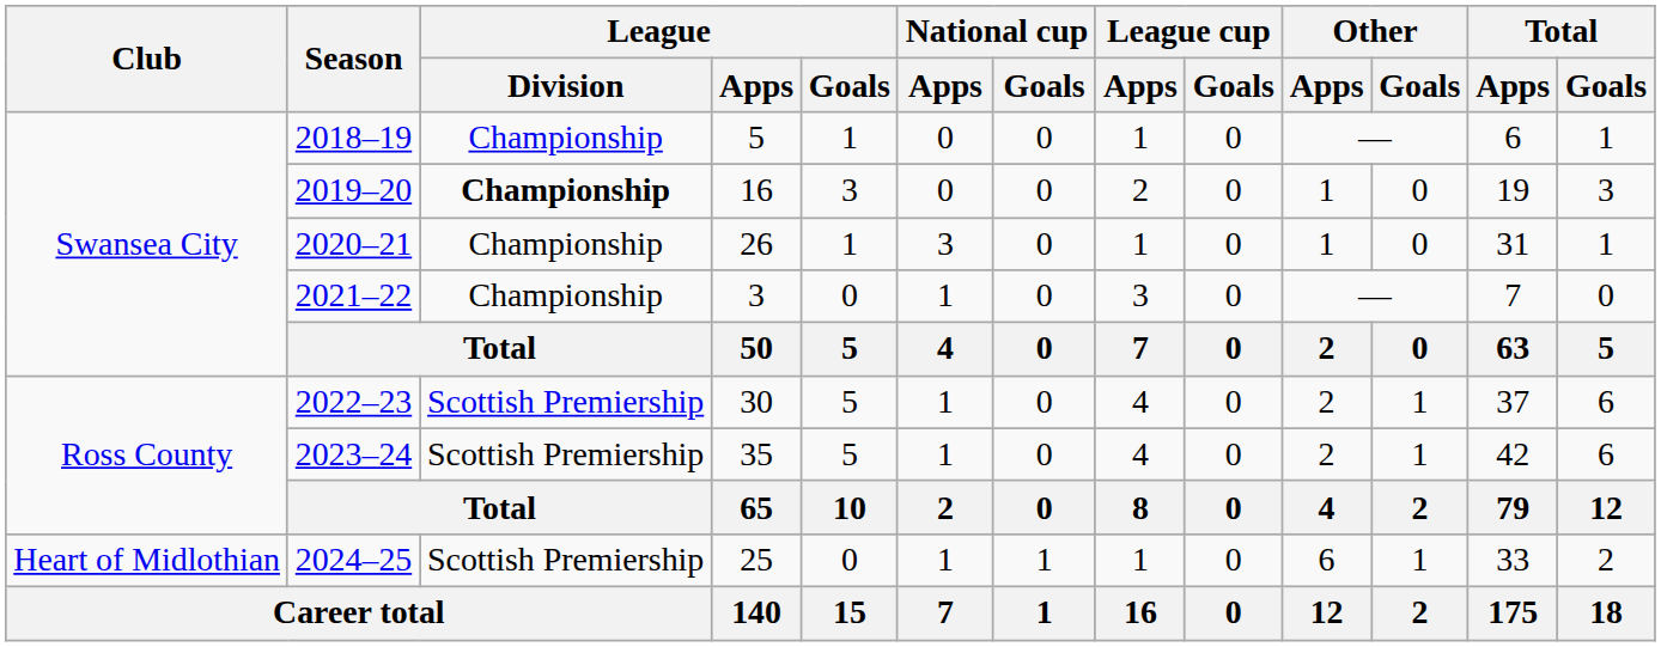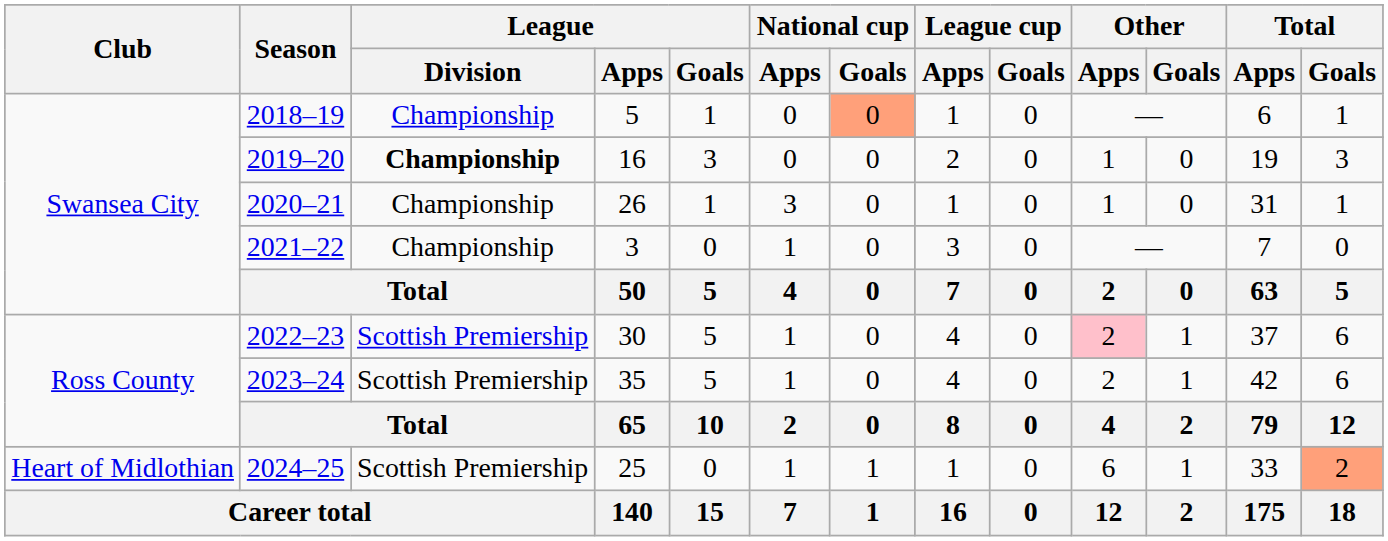 <table class=wikitable style="text-align: center">
 <tr>
 <th rowspan=2>Club</th>
 <th rowspan=2>Season</th>
 <th colspan=3>League</th>
 <th colspan=2>National cup</th>
 <th colspan=2>League cup</th>
 <th colspan=2>Other</th>
 <th colspan=2>Total</th>
 </tr>
 <tr>
 <th>Division</th>
 <th>Apps</th>
 <th>Goals</th>
 <th>Apps</th>
 <th>Goals</th>
 <th>Apps</th>
 <th>Goals</th>
 <th>Apps</th>
 <th>Goals</th>
 <th>Apps</th>
 <th>Goals</th>
 </tr>
 <tr>
 <td rowspan=5><a href='#'>Swansea City</a></td>
 <td><a href='#'>2018–19</a></td>
 <td><a href='#'>Championship</a></td>
 <td>5</td>
 <td>1</td>
 <td>0</td>
-<td>0</td>
+<td style="background: lightsalmon;">0</td>
 <td>1</td>
 <td>0</td>
 <td colspan=2>—</td>
 <td>6</td>
 <td>1</td>
 </tr>
 <tr>
 <td><a href='#'>2019–20</a></td>
 <td><strong>Championship</strong></td>
 <td>16</td>
 <td>3</td>
 <td>0</td>
 <td>0</td>
 <td>2</td>
 <td>0</td>
 <td>1</td>
 <td>0</td>
 <td>19</td>
 <td>3</td>
 </tr>
 <tr>
 <td><a href='#'>2020–21</a></td>
 <td>Championship</td>
 <td>26</td>
 <td>1</td>
 <td>3</td>
 <td>0</td>
 <td>1</td>
 <td>0</td>
 <td>1</td>
 <td>0</td>
 <td>31</td>
 <td>1</td>
 </tr>
 <tr>
 <td><a href='#'>2021–22</a></td>
 <td>Championship</td>
 <td>3</td>
 <td>0</td>
 <td>1</td>
 <td>0</td>
 <td>3</td>
 <td>0</td>
 <td colspan=2>—</td>
 <td>7</td>
 <td>0</td>
 </tr>
 <tr>
 <th colspan=2>Total</th>
 <th>50</th>
 <th>5</th>
 <th>4</th>
 <th>0</th>
 <th>7</th>
 <th>0</th>
 <th>2</th>
 <th>0</th>
 <th>63</th>
 <th>5</th>
 </tr>
 <tr>
 <td rowspan=3><a href='#'>Ross County</a></td>
 <td><a href='#'>2022–23</a></td>
 <td><a href='#'>Scottish Premiership</a></td>
 <td>30</td>
 <td>5</td>
 <td>1</td>
 <td>0</td>
 <td>4</td>
 <td>0</td>
-<td>2</td>
+<td style="background: pink;">2</td>
 <td>1</td>
 <td>37</td>
 <td>6</td>
 </tr>
 <tr>
 <td><a href='#'>2023–24</a></td>
 <td>Scottish Premiership</td>
 <td>35</td>
 <td>5</td>
 <td>1</td>
 <td>0</td>
 <td>4</td>
 <td>0</td>
 <td>2</td>
 <td>1</td>
 <td>42</td>
 <td>6</td>
 </tr>
 <tr>
 <th colspan=2>Total</th>
 <th>65</th>
 <th>10</th>
 <th>2</th>
 <th>0</th>
 <th>8</th>
 <th>0</th>
 <th>4</th>
 <th>2</th>
 <th>79</th>
 <th>12</th>
 </tr>
 <tr>
 <td rowspan=1><a href='#'>Heart of Midlothian</a></td>
 <td><a href='#'>2024–25</a></td>
 <td>Scottish Premiership</td>
 <td>25</td>
 <td>0</td>
 <td>1</td>
 <td>1</td>
 <td>1</td>
 <td>0</td>
 <td>6</td>
 <td>1</td>
 <td>33</td>
-<td>2</td>
+<td style="background: lightsalmon;">2</td>
 </tr>
 <tr>
 <th colspan=3>Career total</th>
 <th>140</th>
 <th>15</th>
 <th>7</th>
 <th>1</th>
 <th>16</th>
 <th>0</th>
 <th>12</th>
 <th>2</th>
 <th>175</th>
 <th>18</th>
 </tr>
 </table>
